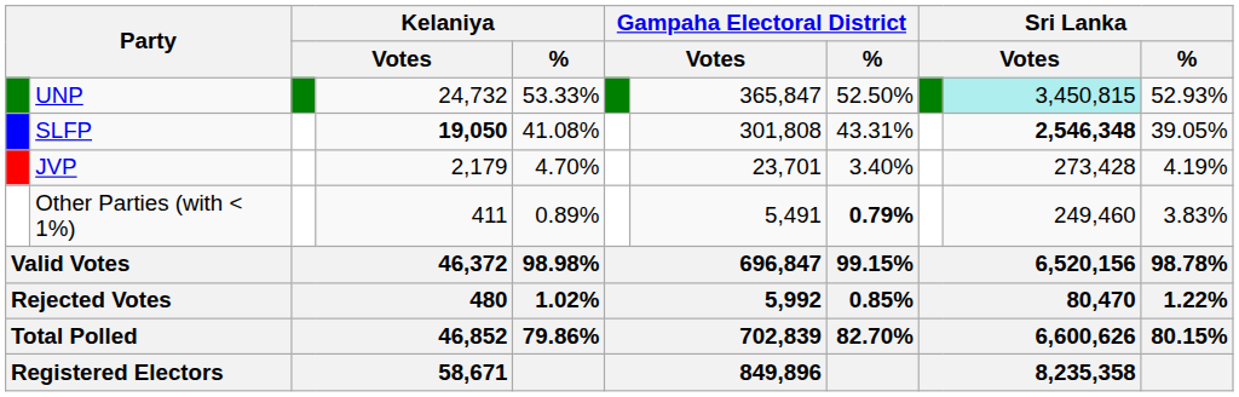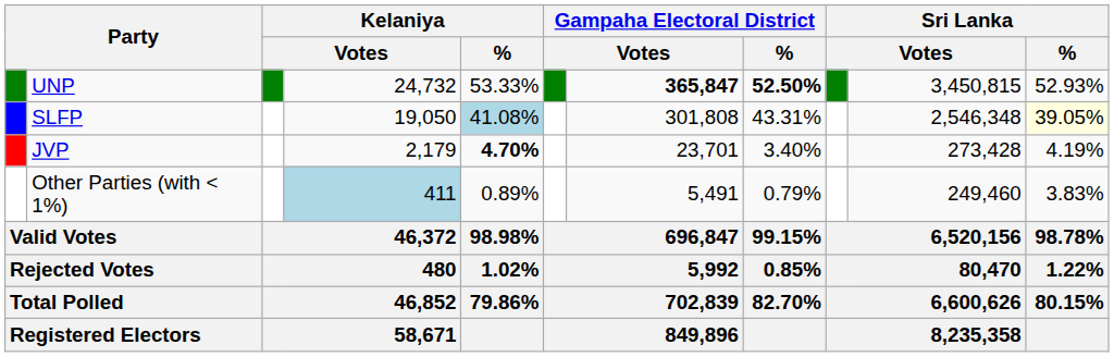 <table class="wikitable">
 <tr>
 <th colspan="2" width="144px"rowspan="2">Party</th>
 <th colspan="3" width="216px">Kelaniya</th>
 <th colspan="3" width="216px"><a href='#'>Gampaha Electoral District</a></th>
 <th colspan="3" width="216px">Sri Lanka</th>
 </tr>
 <tr>
 <th colspan="2" width="144px">Votes</th>
 <th>%</th>
 <th colspan="2" width="144px">Votes</th>
 <th>%</th>
 <th colspan="2" width="144px">Votes</th>
 <th>%</th>
 </tr>
 <tr>
 <td style="background-color:green;" width="10px"></td>
 <td style="text-align:left;"><a href='#'>UNP</a></td>
 <td style="background-color:green;" width="10px"></td>
 <td style="text-align:right;">24,732</td>
 <td style="text-align:right;">53.33%</td>
 <td style="background-color:green;" width="10px"></td>
-<td style="text-align:right;">365,847</td>
-<td style="text-align:right;">52.50%</td>
+<td style="text-align:right;"><strong>365,847</strong></td>
+<td style="text-align:right;"><strong>52.50%</strong></td>
 <td style="background-color:green;" width="10px"></td>
-<td style="background: paleturquoise; text-align:right;">3,450,815</td>
+<td style="text-align:right;">3,450,815</td>
 <td style="text-align:right;">52.93%</td>
 </tr>
 <tr>
 <td style="background-color:blue;" width="10px"></td>
 <td style="text-align:left;"><a href='#'>SLFP</a></td>
 <td style="background-color:white;" width="10px"></td>
-<td style="text-align:right;"><strong>19,050</strong></td>
-<td style="text-align:right;">41.08%</td>
+<td style="text-align:right;">19,050</td>
+<td style="background: lightblue; text-align:right;">41.08%</td>
 <td style="background-color:white;" width="10px"></td>
 <td style="text-align:right;">301,808</td>
 <td style="text-align:right;">43.31%</td>
 <td style="background-color:white;" width="10px"></td>
-<td style="text-align:right;"><strong>2,546,348</strong></td>
-<td style="text-align:right;">39.05%</td>
+<td style="text-align:right;">2,546,348</td>
+<td style="background: lightyellow; text-align:right;">39.05%</td>
 </tr>
 <tr>
 <td style="background-color:red;" width="10px"></td>
 <td style="text-align:left;"><a href='#'>JVP</a></td>
 <td style="background-color:white;" width="10px"></td>
 <td style="text-align:right;">2,179</td>
-<td style="text-align:right;">4.70%</td>
+<td style="text-align:right;"><strong>4.70%</strong></td>
 <td style="background-color:white;" width="10px"></td>
 <td style="text-align:right;">23,701</td>
 <td style="text-align:right;">3.40%</td>
 <td style="background-color:white;" width="10px"></td>
 <td style="text-align:right;">273,428</td>
 <td style="text-align:right;">4.19%</td>
 </tr>
 <tr>
 <td style="background-color:white;" width="10px"></td>
 <td style="text-align:left;">Other Parties (with < 1%)</td>
 <td style="background-color:white;" width="10px"></td>
-<td style="text-align:right;">411</td>
+<td style="background: lightblue; text-align:right;">411</td>
 <td style="text-align:right;">0.89%</td>
 <td style="background-color:white;" width="10px"></td>
 <td style="text-align:right;">5,491</td>
-<td style="text-align:right;"><strong>0.79%</strong></td>
+<td style="text-align:right;">0.79%</td>
 <td style="background-color:white;" width="10px"></td>
 <td style="text-align:right;">249,460</td>
 <td style="text-align:right;">3.83%</td>
 </tr>
 <tr>
 <th colspan="2" width="144px"style="text-align:left;">Valid Votes</th>
 <th style="text-align:right;"colspan="2" width="144px">46,372</th>
 <th style="text-align:right;">98.98%</th>
 <th style="text-align:right;"colspan="2" width="144px">696,847</th>
 <th style="text-align:right;">99.15%</th>
 <th style="text-align:right;"colspan="2" width="144px">6,520,156</th>
 <th style="text-align:right;">98.78%</th>
 </tr>
 <tr>
 <th colspan="2" width="144px"style="text-align:left;">Rejected Votes</th>
 <th style="text-align:right;"colspan="2" width="144px">480</th>
 <th style="text-align:right;">1.02%</th>
 <th style="text-align:right;"colspan="2" width="144px">5,992</th>
 <th style="text-align:right;">0.85%</th>
 <th style="text-align:right;"colspan="2" width="144px">80,470</th>
 <th style="text-align:right;">1.22%</th>
 </tr>
 <tr>
 <th colspan="2" width="144px"style="text-align:left;">Total Polled</th>
 <th style="text-align:right;"colspan="2" width="144px">46,852</th>
 <th style="text-align:right;">79.86%</th>
 <th style="text-align:right;"colspan="2" width="144px">702,839</th>
 <th style="text-align:right;">82.70%</th>
 <th style="text-align:right;"colspan="2" width="144px">6,600,626</th>
 <th style="text-align:right;">80.15%</th>
 </tr>
 <tr>
 <th colspan="2" width="144px"style="text-align:left;">Registered Electors</th>
 <th style="text-align:right;"colspan="2" width="144px">58,671</th>
 <th></th>
 <th style="text-align:right;"colspan="2" width="144px">849,896</th>
 <th></th>
 <th style="text-align:right;"colspan="2" width="144px">8,235,358</th>
 <th></th>
 </tr>
 </table>
